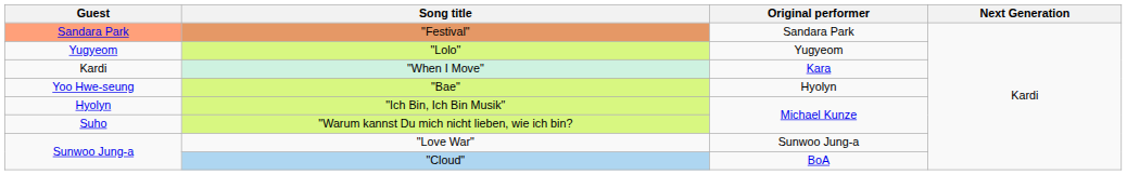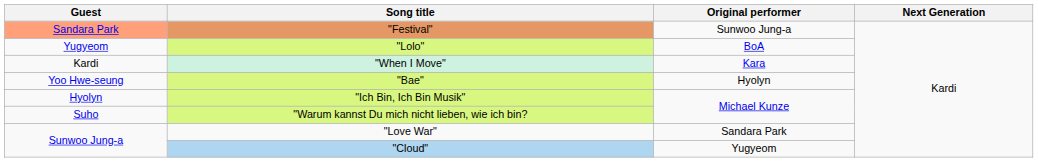 <table Class ="wikitable" style="text-align:center; clear:both; text-align:center; width:97%">
 <tr>
 <th>Guest</th>
 <th>Song title</th>
 <th>Original performer</th>
 <th>Next Generation</th>
 </tr>
 <tr>
 <td style="background: lightsalmon;"><a href='#'>Sandara Park</a></td>
 <td bgcolor="#E59866">"Festival"</td>
-<td>Sandara Park</td>
+<td>Sunwoo Jung-a</td>
 <td rowspan="8">Kardi</td>
 </tr>
 <tr>
 <td><a href='#'>Yugyeom</a></td>
 <td bgcolor="#D8F781">"Lolo"</td>
-<td>Yugyeom</td>
+<td><a href='#'>BoA</a></td>
 </tr>
 <tr>
 <td>Kardi</td>
 <td bgcolor="#CEF2E0">"When I Move"</td>
 <td><a href='#'>Kara</a></td>
 </tr>
 <tr>
 <td><a href='#'>Yoo Hwe-seung</a></td>
 <td bgcolor="#D8F781">"Bae"</td>
 <td>Hyolyn</td>
 </tr>
 <tr>
 <td><a href='#'>Hyolyn</a></td>
 <td bgcolor="#D8F781">"Ich Bin, Ich Bin Musik"</td>
 <td rowspan="2"><a href='#'>Michael Kunze</a></td>
 </tr>
 <tr>
 <td><a href='#'>Suho</a></td>
 <td bgcolor="#D8F781">"Warum kannst Du mich nicht lieben, wie ich bin?</td>
 </tr>
 <tr>
 <td rowspan="2"><a href='#'>Sunwoo Jung-a</a></td>
 <td>"Love War"</td>
-<td>Sunwoo Jung-a</td>
+<td>Sandara Park</td>
 </tr>
 <tr>
 <td bgcolor="#aed6f1">"Cloud"</td>
-<td><a href='#'>BoA</a></td>
+<td>Yugyeom</td>
 </tr>
 </table>
